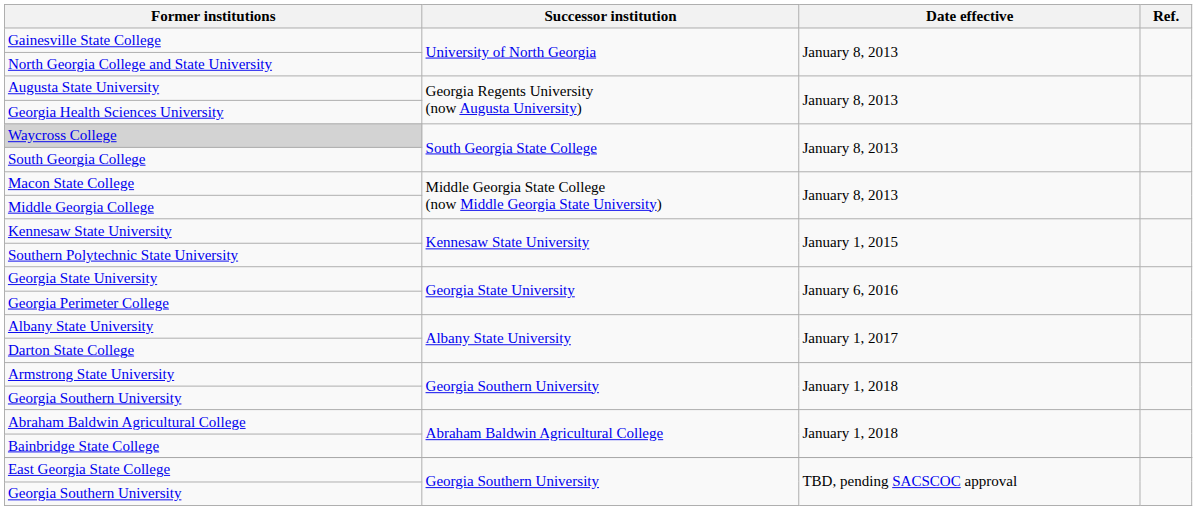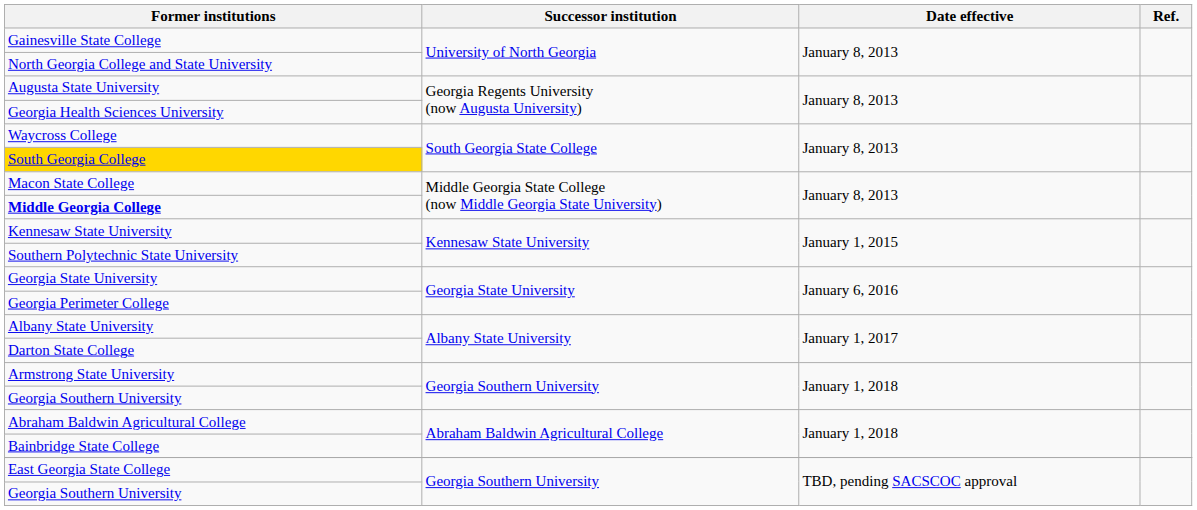 <table class="wikitable" style="width:100%;">
 <tr>
 <th>Former institutions</th>
 <th>Successor institution</th>
 <th>Date effective</th>
 <th>Ref.</th>
 </tr>
 <tr>
 <td><a href='#'>Gainesville State College</a></td>
 <td rowspan="2"><a href='#'>University of North Georgia</a></td>
 <td rowspan="2">January 8, 2013</td>
 <td rowspan="2"></td>
 </tr>
 <tr>
 <td><a href='#'>North Georgia College and State University</a></td>
 </tr>
 <tr>
 <td><a href='#'>Augusta State University</a></td>
 <td rowspan="2">Georgia Regents University<br>(now <a href='#'>Augusta University</a>)</td>
 <td rowspan="2">January 8, 2013</td>
 <td rowspan="2"></td>
 </tr>
 <tr>
 <td><a href='#'>Georgia Health Sciences University</a></td>
 </tr>
 <tr>
-<td style="background: lightgrey;"><a href='#'>Waycross College</a></td>
+<td><a href='#'>Waycross College</a></td>
 <td rowspan="2"><a href='#'>South Georgia State College</a></td>
 <td rowspan="2">January 8, 2013</td>
 <td rowspan="2"></td>
 </tr>
 <tr>
-<td><a href='#'>South Georgia College</a></td>
+<td style="background: gold;"><a href='#'>South Georgia College</a></td>
 </tr>
 <tr>
 <td><a href='#'>Macon State College</a></td>
 <td rowspan="2">Middle Georgia State College<br>(now <a href='#'>Middle Georgia State University</a>)</td>
 <td rowspan="2">January 8, 2013</td>
 <td rowspan="2"></td>
 </tr>
 <tr>
-<td><a href='#'>Middle Georgia College</a></td>
+<td><strong><a href='#'>Middle Georgia College</a></strong></td>
 </tr>
 <tr>
 <td><a href='#'>Kennesaw State University</a></td>
 <td rowspan="2"><a href='#'>Kennesaw State University</a></td>
 <td rowspan="2">January 1, 2015</td>
 <td rowspan="2"></td>
 </tr>
 <tr>
 <td><a href='#'>Southern Polytechnic State University</a></td>
 </tr>
 <tr>
 <td><a href='#'>Georgia State University</a></td>
 <td rowspan="2"><a href='#'>Georgia State University</a></td>
 <td rowspan="2">January 6, 2016</td>
 <td rowspan="2"></td>
 </tr>
 <tr>
 <td><a href='#'>Georgia Perimeter College</a></td>
 </tr>
 <tr>
 <td><a href='#'>Albany State University</a></td>
 <td rowspan="2"><a href='#'>Albany State University</a></td>
 <td rowspan="2">January 1, 2017</td>
 <td rowspan="2"></td>
 </tr>
 <tr>
 <td><a href='#'>Darton State College</a></td>
 </tr>
 <tr>
 <td><a href='#'>Armstrong State University</a></td>
 <td rowspan="2"><a href='#'>Georgia Southern University</a></td>
 <td rowspan="2">January 1, 2018</td>
 <td rowspan="2"></td>
 </tr>
 <tr>
 <td><a href='#'>Georgia Southern University</a></td>
 </tr>
 <tr>
 <td><a href='#'>Abraham Baldwin Agricultural College</a></td>
 <td rowspan="2"><a href='#'>Abraham Baldwin Agricultural College</a></td>
 <td rowspan="2">January 1, 2018</td>
 <td rowspan="2"></td>
 </tr>
 <tr>
 <td><a href='#'>Bainbridge State College</a></td>
 </tr>
 <tr>
 </tr>
 <tr>
 <td><a href='#'>East Georgia State College</a></td>
 <td rowspan="2"><a href='#'>Georgia Southern University</a></td>
 <td rowspan="2">TBD, pending <a href='#'>SACSCOC</a> approval</td>
 <td rowspan="2"></td>
 </tr>
 <tr>
 <td><a href='#'>Georgia Southern University</a></td>
 </tr>
 </table>
